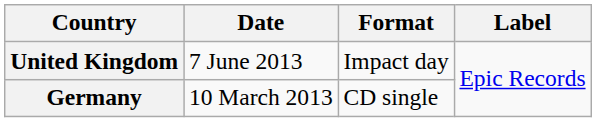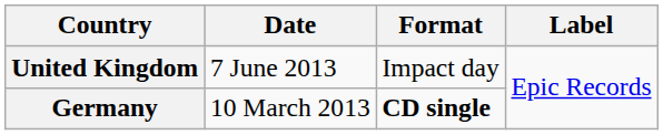 <table class="wikitable plainrowheaders" border="1">
 <tr>
 <th scope="col">Country</th>
 <th scope="col">Date</th>
 <th scope="col">Format</th>
 <th scope="col">Label</th>
 </tr>
 <tr>
 <th scope="row">United Kingdom</th>
 <td>7 June 2013</td>
 <td>Impact day</td>
 <td rowspan=2><a href='#'>Epic Records</a></td>
 </tr>
 <tr>
 <th scope="row">Germany</th>
 <td>10 March 2013</td>
-<td>CD single</td>
+<td><strong>CD single</strong></td>
 </tr>
 </table>
